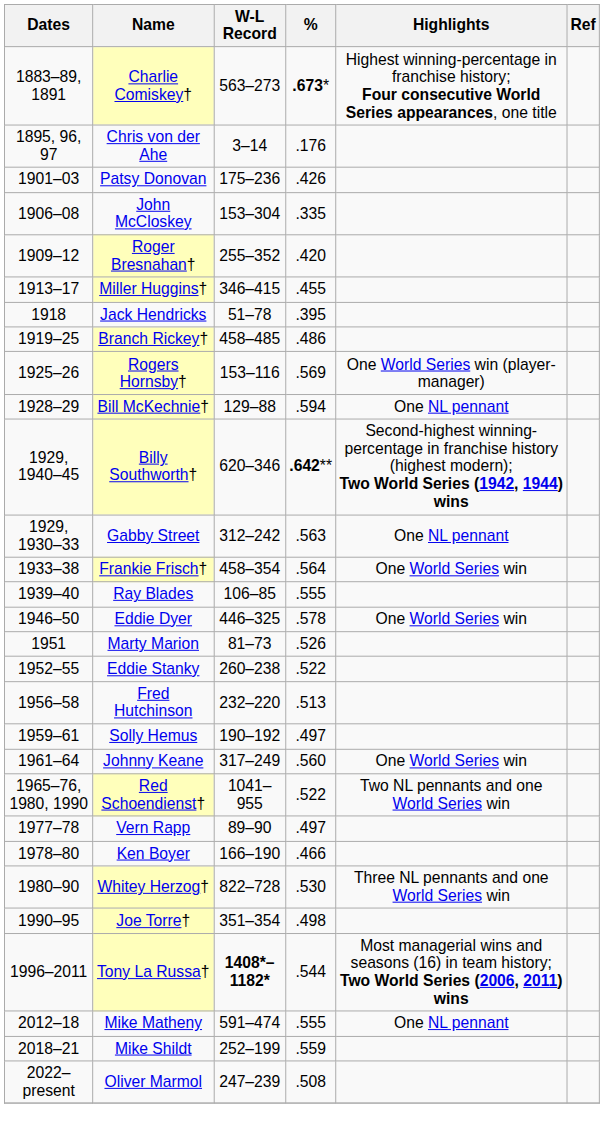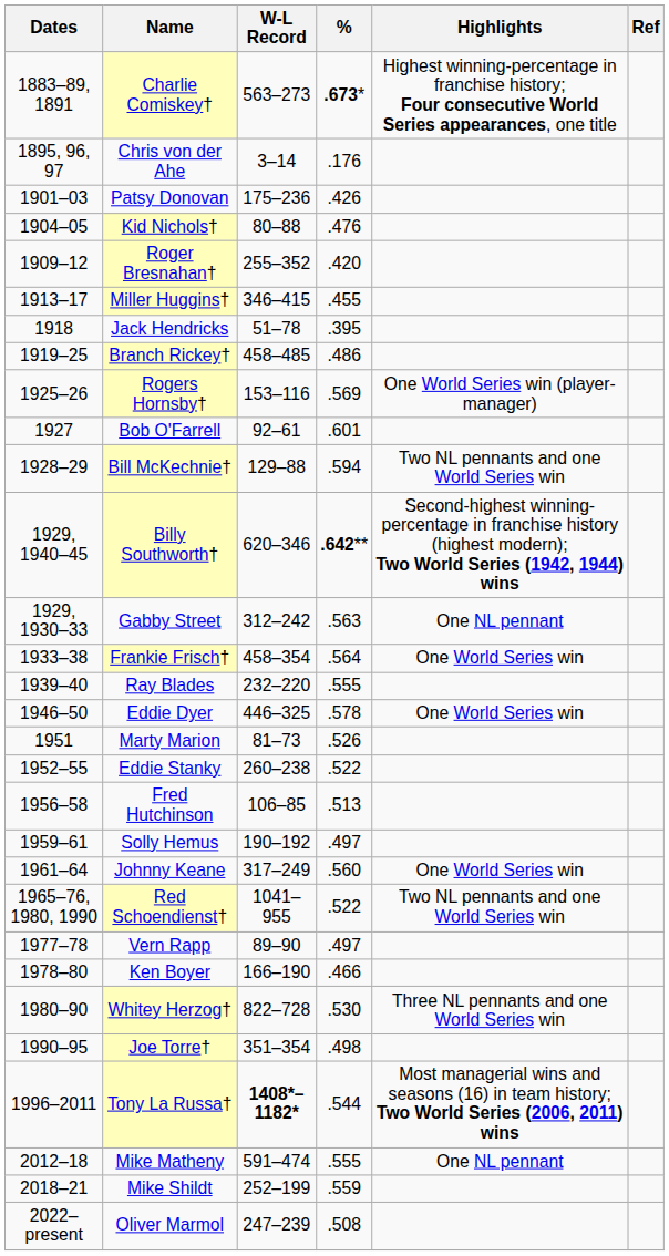 <table class="wikitable sortable" style="text-align:center">
 <tr>
 <th>Dates</th>
 <th>Name</th>
 <th>W-L Record</th>
 <th>%</th>
 <th>Highlights</th>
 <th>Ref</th>
 </tr>
 <tr>
 <td>1883–89, 1891</td>
 <td bgcolor="#ffffbb"><a href='#'>Charlie Comiskey</a>†</td>
 <td>563–273</td>
 <td><strong>.673</strong>*</td>
 <td>Highest winning-percentage in franchise history; <br><strong>Four consecutive World Series appearances</strong>, one title</td>
 <td></td>
 </tr>
 <tr>
 <td>1895, 96, 97</td>
 <td><a href='#'>Chris von der Ahe</a></td>
 <td>3–14</td>
 <td>.176</td>
 <td></td>
 <td></td>
 </tr>
 <tr>
 <td>1901–03</td>
 <td><a href='#'>Patsy Donovan</a></td>
 <td>175–236</td>
 <td>.426</td>
 <td></td>
 <td></td>
 </tr>
 <tr>
-<td>1906–08</td>
-<td><a href='#'>John McCloskey</a></td>
-<td>153–304</td>
-<td>.335</td>
+<td>1904–05</td>
+<td bgcolor="#ffffbb"><a href='#'>Kid Nichols</a>†</td>
+<td>80–88</td>
+<td>.476</td>
 <td></td>
 <td></td>
 </tr>
 <tr>
 <td>1909–12</td>
 <td bgcolor="#ffffbb"><a href='#'>Roger Bresnahan</a>†</td>
 <td>255–352</td>
 <td>.420</td>
 <td></td>
 <td></td>
 </tr>
 <tr>
 <td>1913–17</td>
 <td bgcolor="#ffffbb"><a href='#'>Miller Huggins</a>†</td>
 <td>346–415</td>
 <td>.455</td>
 <td></td>
 <td></td>
 </tr>
 <tr>
 <td>1918</td>
 <td><a href='#'>Jack Hendricks</a></td>
 <td>51–78</td>
 <td>.395</td>
 <td></td>
 <td></td>
 </tr>
 <tr>
 <td>1919–25</td>
 <td bgcolor="#ffffbb"><a href='#'>Branch Rickey</a>†</td>
 <td>458–485</td>
 <td>.486</td>
 <td></td>
 <td></td>
 </tr>
 <tr>
 <td>1925–26</td>
 <td bgcolor="#ffffbb"><a href='#'>Rogers Hornsby</a>†</td>
 <td>153–116</td>
 <td>.569</td>
 <td>One <a href='#'>World Series</a> win (player-manager)</td>
 <td></td>
 </tr>
 <tr>
+<td>1927</td>
+<td><a href='#'>Bob O'Farrell</a></td>
+<td>92–61</td>
+<td>.601</td>
+<td></td>
+<td></td>
+</tr>
+<tr>
 <td>1928–29</td>
 <td bgcolor="#ffffbb"><a href='#'>Bill McKechnie</a>†</td>
 <td>129–88</td>
 <td>.594</td>
-<td>One <a href='#'>NL pennant</a></td>
+<td>Two NL pennants and one <a href='#'>World Series</a> win</td>
 <td></td>
 </tr>
 <tr>
 <td>1929, 1940–45</td>
 <td bgcolor="#ffffbb"><a href='#'>Billy Southworth</a>†</td>
 <td>620–346</td>
 <td><strong>.642</strong>**</td>
 <td>Second-highest winning-percentage in franchise history (highest modern);<br> <strong>Two World Series (<a href='#'>1942</a>, <a href='#'>1944</a>) wins</strong></td>
 <td></td>
 </tr>
 <tr>
 <td>1929, 1930–33</td>
 <td><a href='#'>Gabby Street</a></td>
 <td>312–242</td>
 <td>.563</td>
 <td>One <a href='#'>NL pennant</a></td>
 <td></td>
 </tr>
 <tr>
 <td>1933–38</td>
 <td bgcolor="#ffffbb"><a href='#'>Frankie Frisch</a>†</td>
 <td>458–354</td>
 <td>.564</td>
 <td>One <a href='#'>World Series</a> win</td>
 <td></td>
 </tr>
 <tr>
 <td>1939–40</td>
 <td><a href='#'>Ray Blades</a></td>
-<td>106–85</td>
+<td>232–220</td>
 <td>.555</td>
 <td></td>
 <td></td>
 </tr>
 <tr>
 <td>1946–50</td>
 <td><a href='#'>Eddie Dyer</a></td>
 <td>446–325</td>
 <td>.578</td>
 <td>One <a href='#'>World Series</a> win</td>
 <td></td>
 </tr>
 <tr>
 <td>1951</td>
 <td><a href='#'>Marty Marion</a></td>
 <td>81–73</td>
 <td>.526</td>
 <td></td>
 <td></td>
 </tr>
 <tr>
 <td>1952–55</td>
 <td><a href='#'>Eddie Stanky</a></td>
 <td>260–238</td>
 <td>.522</td>
 <td></td>
 <td></td>
 </tr>
 <tr>
 <td>1956–58</td>
 <td><a href='#'>Fred Hutchinson</a></td>
-<td>232–220</td>
+<td>106–85</td>
 <td>.513</td>
 <td></td>
 <td></td>
 </tr>
 <tr>
 <td>1959–61</td>
 <td><a href='#'>Solly Hemus</a></td>
 <td>190–192</td>
 <td>.497</td>
 <td></td>
 <td></td>
 </tr>
 <tr>
 <td>1961–64</td>
 <td><a href='#'>Johnny Keane</a></td>
 <td>317–249</td>
 <td>.560</td>
 <td>One <a href='#'>World Series</a> win</td>
 <td></td>
 </tr>
 <tr>
 <td>1965–76, 1980, 1990</td>
 <td bgcolor="#ffffbb"><a href='#'>Red Schoendienst</a>†</td>
 <td>1041–955</td>
 <td>.522</td>
 <td>Two NL pennants and one <a href='#'>World Series</a> win</td>
 <td></td>
 </tr>
 <tr>
 <td>1977–78</td>
 <td><a href='#'>Vern Rapp</a></td>
 <td>89–90</td>
 <td>.497</td>
 <td></td>
 <td></td>
 </tr>
 <tr>
 <td>1978–80</td>
 <td><a href='#'>Ken Boyer</a></td>
 <td>166–190</td>
 <td>.466</td>
 <td></td>
 <td></td>
 </tr>
 <tr>
 <td>1980–90</td>
 <td bgcolor="#ffffbb"><a href='#'>Whitey Herzog</a>†</td>
 <td>822–728</td>
 <td>.530</td>
 <td>Three NL pennants and one <a href='#'>World Series</a> win</td>
 <td></td>
 </tr>
 <tr>
 <td>1990–95</td>
 <td bgcolor="#ffffbb"><a href='#'>Joe Torre</a>†</td>
 <td>351–354</td>
 <td>.498</td>
 <td></td>
 <td></td>
 </tr>
 <tr>
 <td>1996–2011</td>
 <td bgcolor="#ffffbb"><a href='#'>Tony La Russa</a>†</td>
 <td><strong>1408*–1182*</strong></td>
 <td>.544</td>
 <td>Most managerial wins and seasons (16) in team history; <br><strong>Two World Series (<a href='#'>2006</a>, <a href='#'>2011</a>) wins</strong></td>
 <td></td>
 </tr>
 <tr>
 <td>2012–18</td>
 <td><a href='#'>Mike Matheny</a></td>
 <td>591–474</td>
 <td>.555</td>
 <td>One <a href='#'>NL pennant</a></td>
 <td></td>
 </tr>
 <tr>
 <td>2018–21</td>
 <td><a href='#'>Mike Shildt</a></td>
 <td>252–199</td>
 <td>.559</td>
 <td></td>
 <td></td>
 </tr>
 <tr>
 <td>2022–present</td>
 <td><a href='#'>Oliver Marmol</a></td>
 <td>247–239</td>
 <td>.508</td>
 <td></td>
 <td></td>
 </tr>
 <tr>
 </tr>
 </table>
